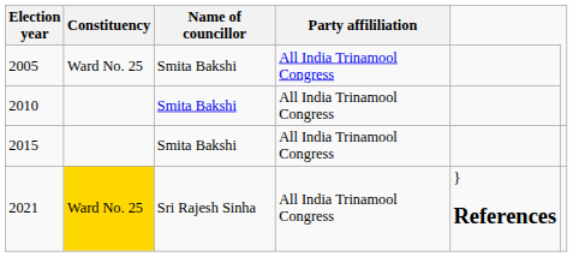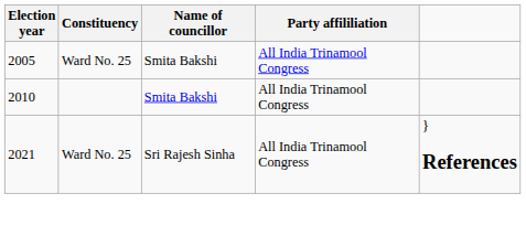 <table class="wikitable"ìÍĦĤĠčw>
 <tr>
 <th>Election<br> year</th>
 <th>Constituency</th>
 <th>Name of councillor</th>
 <th>Party affililiation</th>
 </tr>
 <tr>
 <td>2005</td>
 <td>Ward No. 25</td>
 <td>Smita Bakshi</td>
 <td><a href='#'>All India Trinamool Congress</a></td>
 <td></td>
 </tr>
 <tr>
 <td>2010</td>
 <td></td>
 <td><a href='#'>Smita Bakshi</a></td>
 <td>All India Trinamool Congress</td>
 <td></td>
 </tr>
 <tr>
-<td>2015</td>
-<td></td>
-<td>Smita Bakshi</td>
-<td>All India Trinamool Congress</td>
-<td></td>
-<td></td>
-</tr>
-<tr>
 <td>2021</td>
-<td style="background: gold;">Ward No. 25</td>
+<td>Ward No. 25</td>
 <td>Sri Rajesh Sinha</td>
 <td>All India Trinamool Congress</td>
 <td>}<br><h2>References</h2></td>
 </tr>
 </table>
